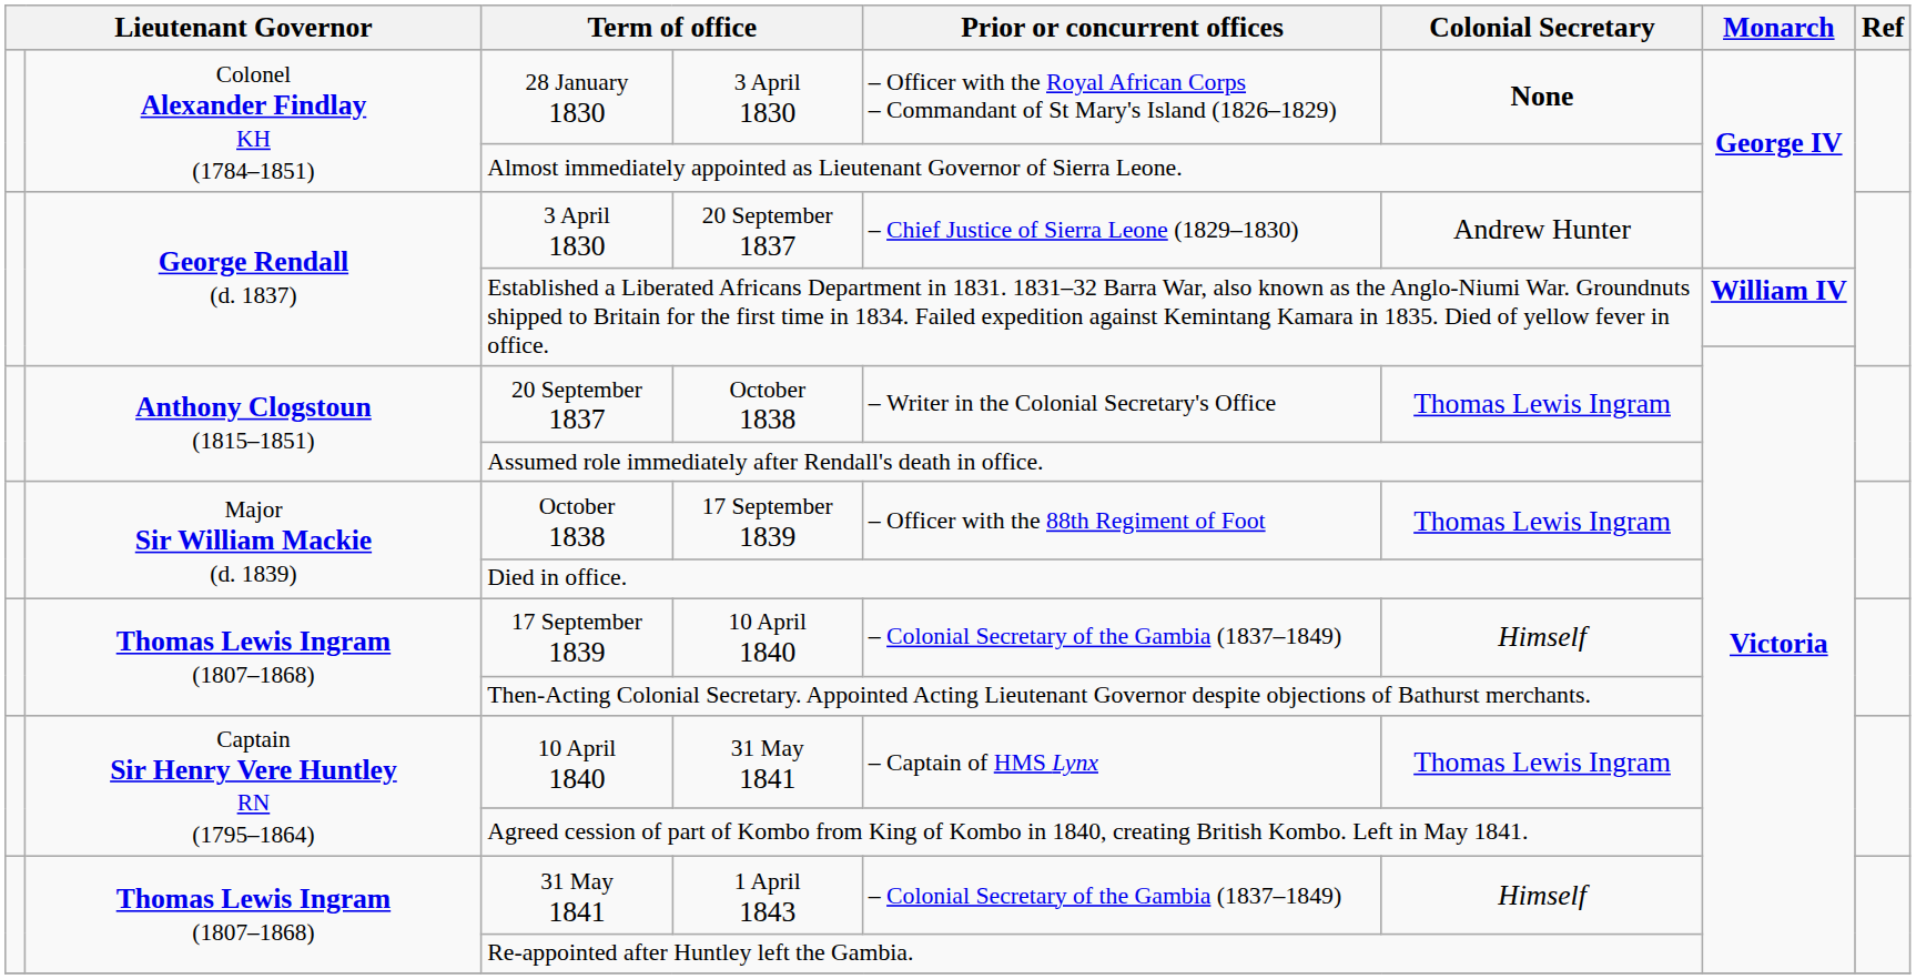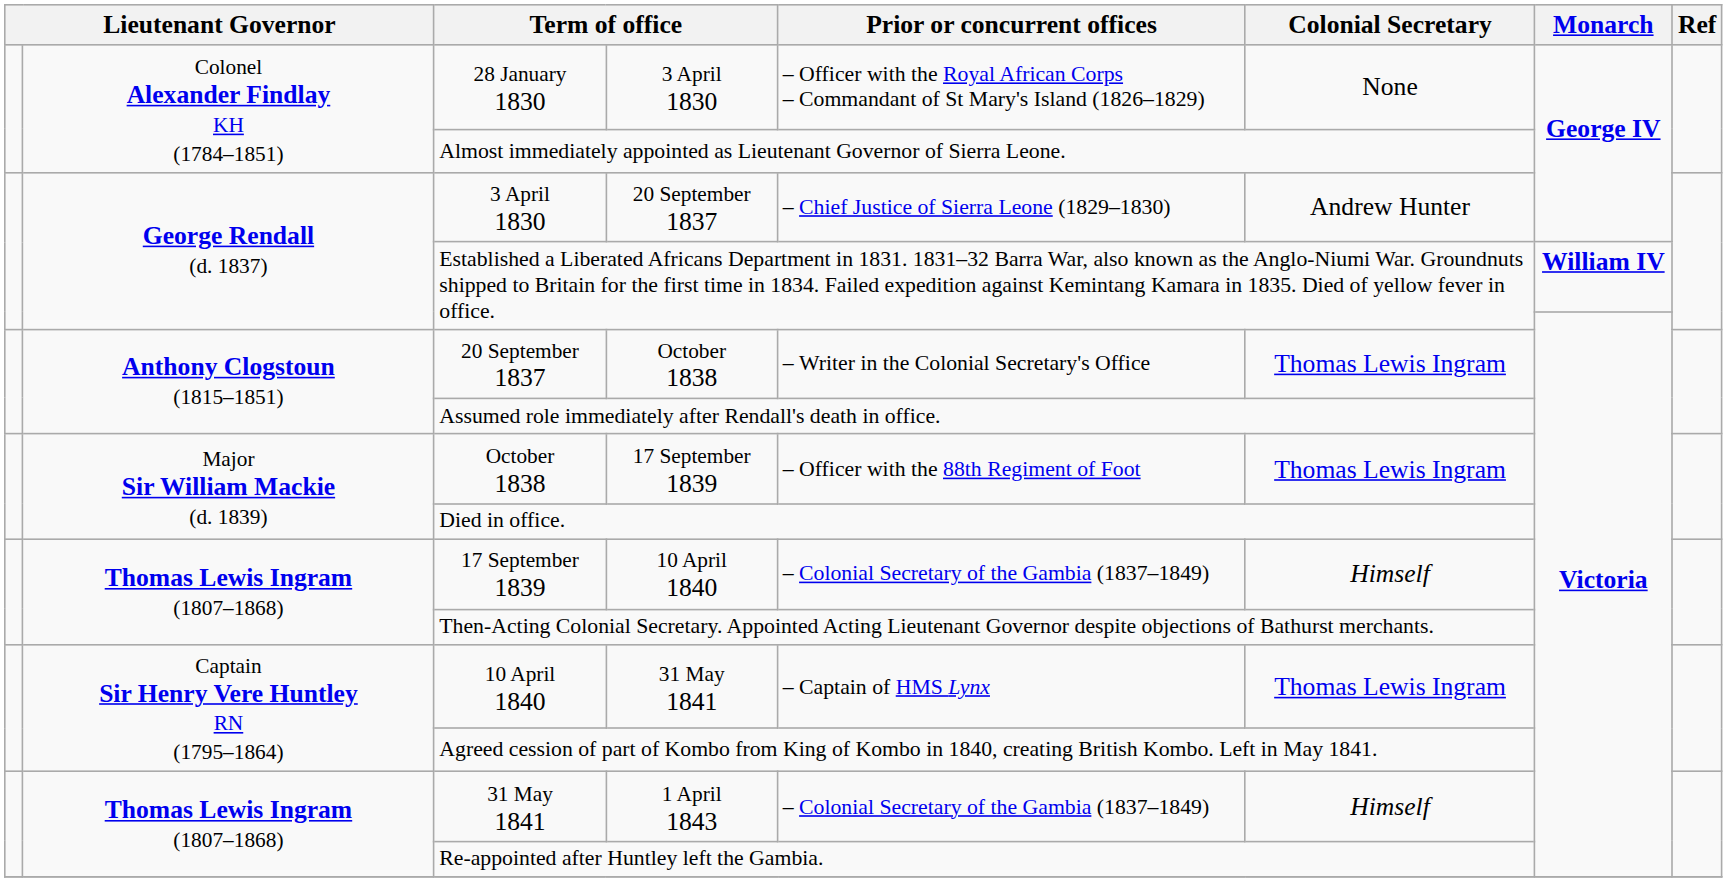 <table class="wikitable" style="width:85%; text-align:center;">
 <tr>
 <th colspan="2"  style="width:25%">Lieutenant Governor</th>
 <th colspan="2"  style="width:20%">Term of office</th>
 <th>Prior or concurrent offices</th>
 <th>Colonial Secretary</th>
 <th style="width:8%"><a href='#'>Monarch</a></th>
 <th>Ref</th>
 </tr>
 <tr>
 <td rowspan="2"></td>
 <td rowspan="2"><small>Colonel </small><br><strong><a href='#'>Alexander Findlay</a></strong><br><small><a href='#'>KH</a> </small><br><small>(1784–1851)</small></td>
 <td id="Geo. 1" nowrap="nowrap"><small>28 January</small><br>1830</td>
 <td id="Geo. 2" nowrap="nowrap"><small>3 April</small><br>1830</td>
 <td style="text-align:left; font-size:85%;">– Officer with the <a href='#'>Royal African Corps</a><br>– Commandant of St Mary's Island (1826–1829)</td>
-<td><strong>None</strong></td>
+<td>None</td>
 <td rowspan="3"><a href='#'><strong>George IV</strong></a><br><br></td>
 <td rowspan="2"></td>
 </tr>
 <tr>
 <td colspan="4" style="text-align:left;font-size:85%">Almost immediately appointed as Lieutenant Governor of Sierra Leone.</td>
 </tr>
 <tr>
 <td rowspan="3"></td>
 <td rowspan="3"><strong><a href='#'>George Rendall</a></strong><br><small>(d. 1837)</small></td>
 <td id="Geo. 1" nowrap="nowrap"><small>3 April</small><br>1830</td>
 <td id="Geo. 2" nowrap="nowrap"><small>20 September</small><br>1837</td>
 <td style="text-align:left; font-size:85%;">– <a href='#'>Chief Justice of Sierra Leone</a> (1829–1830)</td>
 <td>Andrew Hunter</td>
 <td rowspan="3"></td>
 </tr>
 <tr>
 <td rowspan="2" colspan="4" style="text-align:left;font-size:85%">Established a Liberated Africans Department in 1831. 1831–32 Barra War, also known as the Anglo-Niumi War. Groundnuts shipped to Britain for the first time in 1834. Failed expedition against Kemintang Kamara in 1835. Died of yellow fever in office.</td>
 <td><a href='#'><strong>William IV</strong></a><br><br></td>
 </tr>
 <tr>
 <td rowspan="11"><a href='#'><strong>Victoria</strong></a><br><br></td>
 </tr>
 <tr>
 <td rowspan="2"></td>
 <td rowspan="2"><strong><a href='#'>Anthony Clogstoun</a></strong><br><small>(1815–1851)</small></td>
 <td id="Geo. 1" nowrap="nowrap"><small>20 September</small><br>1837</td>
 <td id="Geo. 2" nowrap="nowrap"><small>October</small><br>1838</td>
 <td style="text-align:left; font-size:85%;">– Writer in the Colonial Secretary's Office</td>
 <td><a href='#'>Thomas Lewis Ingram</a></td>
 <td rowspan="2"></td>
 </tr>
 <tr>
 <td colspan="4" style="text-align:left;font-size:85%">Assumed role immediately after Rendall's death in office.</td>
 </tr>
 <tr>
 <td rowspan="2"></td>
 <td rowspan="2"><small>Major</small><br><strong><a href='#'>Sir William Mackie</a></strong><br><small>(d. 1839)</small></td>
 <td id="Geo. 1" nowrap="nowrap"><small>October</small><br>1838</td>
 <td id="Geo. 2" nowrap="nowrap"><small>17 September</small><br>1839</td>
 <td style="text-align:left; font-size:85%;">– Officer with the <a href='#'>88th Regiment of Foot</a></td>
 <td><a href='#'>Thomas Lewis Ingram</a></td>
 <td rowspan="2"></td>
 </tr>
 <tr>
 <td colspan="4" style="text-align:left;font-size:85%">Died in office.</td>
 </tr>
 <tr>
 <td rowspan="2"></td>
 <td rowspan="2"><strong><a href='#'>Thomas Lewis Ingram</a></strong><br><small>(1807–1868)</small></td>
 <td id="Geo. 1" nowrap="nowrap"><small>17 September</small><br>1839</td>
 <td id="Geo. 2" nowrap="nowrap"><small>10 April</small><br>1840</td>
 <td style="text-align:left; font-size:85%;">– <a href='#'>Colonial Secretary of the Gambia</a> (1837–1849)</td>
 <td><em>Himself</em></td>
 <td rowspan="2"></td>
 </tr>
 <tr>
 <td colspan="4" style="text-align:left;font-size:85%">Then-Acting Colonial Secretary. Appointed Acting Lieutenant Governor despite objections of Bathurst merchants.</td>
 </tr>
 <tr>
 <td rowspan="2"></td>
 <td rowspan="2"><small>Captain</small><br><strong><a href='#'>Sir Henry Vere Huntley</a></strong><br><small><a href='#'>RN</a></small><br><small>(1795–1864)</small></td>
 <td id="Geo. 1" nowrap="nowrap"><small>10 April</small><br>1840</td>
 <td id="Geo. 2" nowrap="nowrap"><small>31 May</small><br>1841</td>
 <td style="text-align:left; font-size:85%;">– Captain of <a href='#'>HMS <em>Lynx</em></a></td>
 <td><a href='#'>Thomas Lewis Ingram</a></td>
 <td rowspan="2"></td>
 </tr>
 <tr>
 <td colspan="4" style="text-align:left;font-size:85%">Agreed cession of part of Kombo from King of Kombo in 1840, creating British Kombo. Left in May 1841.</td>
 </tr>
 <tr>
 <td rowspan="2"></td>
 <td rowspan="2"><strong><a href='#'>Thomas Lewis Ingram</a></strong><br><small>(1807–1868)</small></td>
 <td id="Geo. 1" nowrap="nowrap"><small>31 May</small><br>1841</td>
 <td id="Geo. 2" nowrap="nowrap"><small>1 April</small><br>1843</td>
 <td style="text-align:left; font-size:85%;">– <a href='#'>Colonial Secretary of the Gambia</a> (1837–1849)</td>
 <td><em>Himself</em></td>
 <td rowspan="2"></td>
 </tr>
 <tr>
 <td colspan="4" style="text-align:left;font-size:85%">Re-appointed after Huntley left the Gambia.</td>
 </tr>
 <tr>
 </tr>
 </table>
